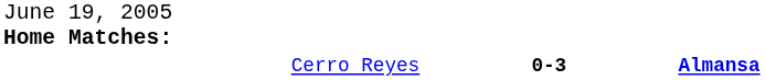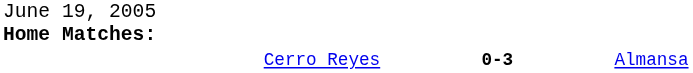 <table width=100% cellspacing=1>
 <tr>
 <th width=20%></th>
 <th width=12%></th>
 <th width=20%></th>
 <th></th>
 </tr>
 <tr>
 <td>June 19, 2005<br><strong>Home Matches:</strong></td>
 </tr>
 <tr style=font-size:90%>
 <td align=right><a href='#'>Cerro Reyes</a></td>
 <td align=center><strong>0-3</strong></td>
-<td><strong><a href='#'>Almansa</a></strong></td>
+<td><a href='#'>Almansa</a></td>
 </tr>
 </table>
